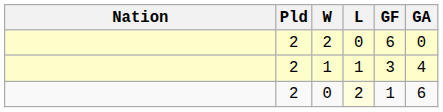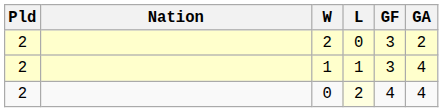 <table class=wikitable style="text-align:center">
 <tr>
+<th width=20>Pld</th>
 <th width=220>Nation</th>
-<th width=20>Pld</th>
 <th width=20>W</th>
 <th width=20>L</th>
 <th width=20>GF</th>
 <th width=20>GA</th>
 </tr>
 <tr bgcolor=#ffffcc>
+<td>2</td>
 <td align=left></td>
 <td>2</td>
+<td>0</td>
+<td>3</td>
 <td>2</td>
-<td>0</td>
-<td>6</td>
-<td>0</td>
 </tr>
 <tr bgcolor=#ffffcc>
+<td>2</td>
 <td align=left></td>
-<td>2</td>
 <td>1</td>
 <td>1</td>
 <td>3</td>
 <td>4</td>
 </tr>
 <tr>
+<td>2</td>
 <td align=left></td>
-<td>2</td>
 <td>0</td>
 <td style="background: lightyellow;">2</td>
-<td>1</td>
-<td>6</td>
+<td>4</td>
+<td>4</td>
 </tr>
 </table>
